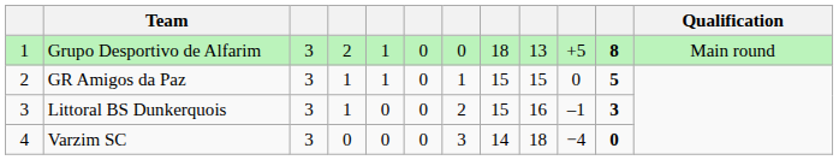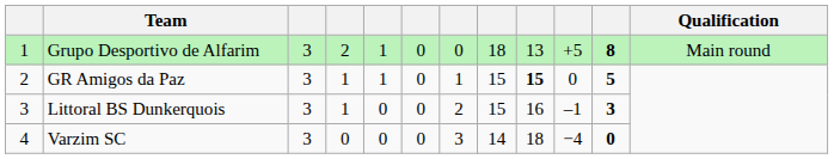 <table class="wikitable" style="font-size: 95%">
 <tr>
 <th width="25"></th>
 <th width="200">Team</th>
 <th width="25"></th>
 <th width="25"></th>
 <th width="25"></th>
 <th width="25"></th>
 <th width="25"></th>
 <th width="25"></th>
 <th width="25"></th>
 <th width="25"></th>
 <th width="25"></th>
 <th width="160">Qualification</th>
 </tr>
 <tr align=center bgcolor=#bbf3bb>
 <td>1</td>
 <td align=left> Grupo Desportivo de Alfarim</td>
 <td>3</td>
 <td>2</td>
 <td>1</td>
 <td>0</td>
 <td>0</td>
 <td>18</td>
 <td>13</td>
 <td>+5</td>
 <td><strong>8</strong></td>
 <td>Main round</td>
 </tr>
 <tr align=center>
 <td>2</td>
 <td align=left> GR Amigos da Paz</td>
 <td>3</td>
 <td>1</td>
 <td>1</td>
 <td>0</td>
 <td>1</td>
 <td>15</td>
-<td>15</td>
+<td><strong>15</strong></td>
 <td>0</td>
 <td><strong>5</strong></td>
 <td rowspan=3></td>
 </tr>
 <tr align=center>
 <td>3</td>
 <td align=left> Littoral BS Dunkerquois</td>
 <td>3</td>
 <td>1</td>
 <td>0</td>
 <td>0</td>
 <td>2</td>
 <td>15</td>
 <td>16</td>
 <td>–1</td>
 <td><strong>3</strong></td>
 </tr>
 <tr align=center>
 <td>4</td>
 <td align=left> Varzim SC</td>
 <td>3</td>
 <td>0</td>
 <td>0</td>
 <td>0</td>
 <td>3</td>
 <td>14</td>
 <td>18</td>
 <td>−4</td>
 <td><strong>0</strong></td>
 </tr>
 </table>
